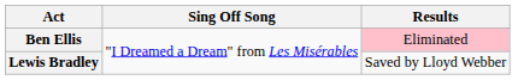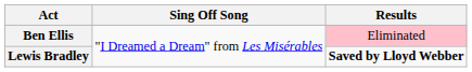 <table class="wikitable plainrowheaders" style="text-align:center;">
 <tr>
 <th scope="col">Act</th>
 <th scope="col">Sing Off Song</th>
 <th scope="col">Results</th>
 </tr>
 <tr>
 <th scope="row">Ben Ellis</th>
 <td rowspan="2">"<a href='#'>I Dreamed a Dream</a>" from  <em><a href='#'>Les Misérables</a></em></td>
 <td style="background:pink;">Eliminated</td>
 </tr>
 <tr>
 <th scope="row">Lewis Bradley</th>
-<td>Saved by Lloyd Webber</td>
+<td><strong>Saved by Lloyd Webber</strong></td>
 </tr>
 </table>
